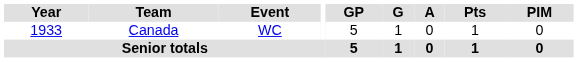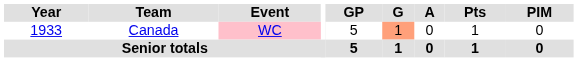 <table border="0" cellpadding="1" cellspacing="0" ID="Table3" style="text-align:center; width:40em">
 <tr bgcolor="#e0e0e0">
 <th>Year</th>
 <th>Team</th>
 <th>Event</th>
 <th rowspan="102" bgcolor="#ffffff"></th>
 <th>GP</th>
 <th>G</th>
 <th>A</th>
 <th>Pts</th>
 <th>PIM</th>
 </tr>
 <tr>
 <td><a href='#'>1933</a></td>
 <td><a href='#'>Canada</a></td>
-<td><a href='#'>WC</a></td>
+<td style="background: pink;"><a href='#'>WC</a></td>
 <td>5</td>
-<td>1</td>
+<td style="background: lightsalmon;">1</td>
 <td>0</td>
 <td>1</td>
 <td>0</td>
 </tr>
 <tr bgcolor="#e0e0e0">
 <th colspan="4">Senior totals</th>
 <th>5</th>
 <th>1</th>
 <th>0</th>
 <th>1</th>
 <th>0</th>
 </tr>
 </table>
